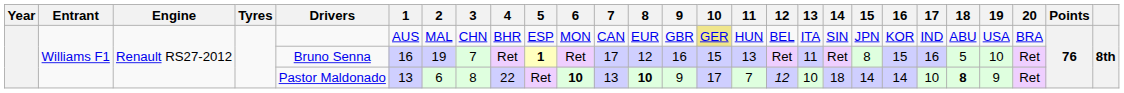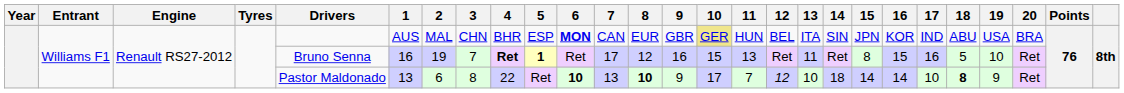 <table class="wikitable" style="text-align:center; font-size:95%">
 <tr>
 <th>Year</th>
 <th>Entrant</th>
 <th>Engine</th>
 <th>Tyres</th>
 <th>Drivers</th>
 <th>1</th>
 <th>2</th>
 <th>3</th>
 <th>4</th>
 <th>5</th>
 <th>6</th>
 <th>7</th>
 <th>8</th>
 <th>9</th>
 <th>10</th>
 <th>11</th>
 <th>12</th>
 <th>13</th>
 <th>14</th>
 <th>15</th>
 <th>16</th>
 <th>17</th>
 <th>18</th>
 <th>19</th>
 <th>20</th>
 <th>Points</th>
 <th></th>
 </tr>
 <tr>
 <th rowspan=3></th>
 <td rowspan=3><a href='#'>Williams F1</a></td>
 <td rowspan=3><a href='#'>Renault</a> RS27-2012</td>
 <td rowspan=3></td>
 <td></td>
 <td><a href='#'>AUS</a></td>
 <td><a href='#'>MAL</a></td>
 <td><a href='#'>CHN</a></td>
 <td><a href='#'>BHR</a></td>
 <td><a href='#'>ESP</a></td>
-<td><a href='#'>MON</a></td>
+<td><strong><a href='#'>MON</a></strong></td>
 <td><a href='#'>CAN</a></td>
 <td><a href='#'>EUR</a></td>
 <td><a href='#'>GBR</a></td>
 <td style="background: khaki;"><a href='#'>GER</a></td>
 <td><a href='#'>HUN</a></td>
 <td><a href='#'>BEL</a></td>
 <td><a href='#'>ITA</a></td>
 <td><a href='#'>SIN</a></td>
 <td><a href='#'>JPN</a></td>
 <td><a href='#'>KOR</a></td>
 <td><a href='#'>IND</a></td>
 <td><a href='#'>ABU</a></td>
 <td><a href='#'>USA</a></td>
 <td><a href='#'>BRA</a></td>
 <th rowspan="3">76</th>
 <th rowspan="3">8th</th>
 </tr>
 <tr>
 <td><a href='#'>Bruno Senna</a></td>
 <td style="background:#CFCFFF;">16</td>
 <td style="background:#cfcfff;">19</td>
 <td style="background:#DFFFDF;">7</td>
-<td style="background:#efcfff;">Ret</td>
+<td style="background:#efcfff;"><strong>Ret</strong></td>
 <td style="background:#ffffbf;"><strong>1</strong></td>
 <td style="background:#efcfff;">Ret</td>
 <td style="background:#CFCFFF;">17</td>
 <td style="background:#CFCFFF;">12</td>
 <td style="background:#CFCFFF;">16</td>
 <td style="background:#CFCFFF;">15</td>
 <td style="background:#cfcfff;">13</td>
 <td style="background:#efcfff;">Ret</td>
 <td style="background:#CFCFFF;">11</td>
 <td style="background:#efcfff;">Ret</td>
 <td style="background:#DFFFDF;">8</td>
 <td style="background:#CFCFFF;">15</td>
 <td style="background:#CFCFFF;">16</td>
 <td style="background:#DFFFDF;">5</td>
 <td style="background:#DFFFDF;">10</td>
 <td style="background:#efcfff;">Ret</td>
 </tr>
 <tr>
 <td><a href='#'>Pastor Maldonado</a></td>
 <td style="background:#CFCFFF;">13</td>
 <td style="background:#DFFFDF;">6</td>
 <td style="background:#DFFFDF;">8</td>
 <td style="background:#CFCFFF;">22</td>
 <td style="background:#efcfff;">Ret</td>
 <td style="background:#DFFFDF;"><strong>10</strong></td>
 <td style="background:#CFCFFF;">13</td>
 <td style="background:#DFFFDF;"><strong>10</strong></td>
 <td style="background:#DFFFDF;">9</td>
 <td style="background:#CFCFFF;">17</td>
 <td style="background:#DFFFDF;">7</td>
 <td style="background:#CFCFFF;"><em>12</em></td>
 <td style="background:#DFFFDF;">10</td>
 <td style="background:#CFCFFF;">18</td>
 <td style="background:#CFCFFF;">14</td>
 <td style="background:#CFCFFF;">14</td>
 <td style="background:#DFFFDF;">10</td>
 <td style="background:#DFFFDF;"><strong>8</strong></td>
 <td style="background:#DFFFDF;">9</td>
 <td style="background:#efcfff;">Ret</td>
 </tr>
 </table>
